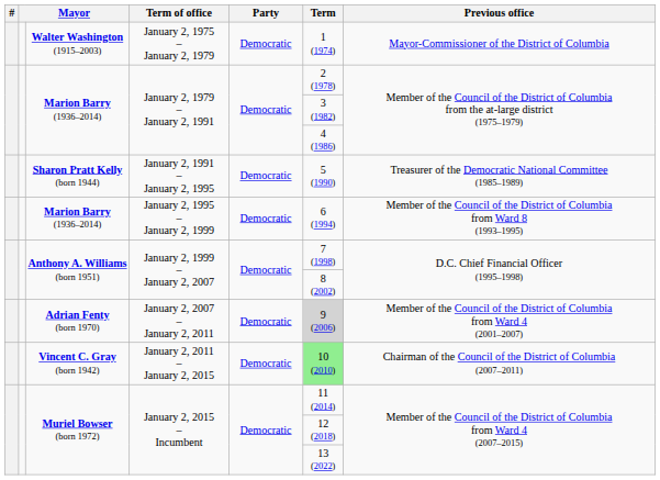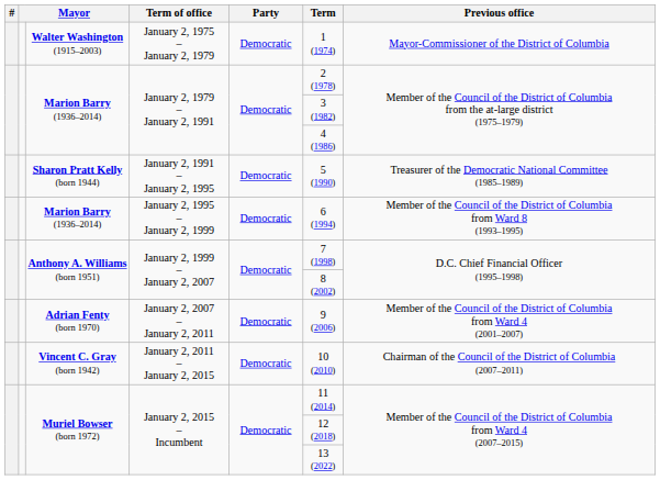 <table class="wikitable" style="text-align: center;">
 <tr>
 <th>#</th>
 <th colspan="2"><a href='#'>Mayor</a></th>
 <th>Term of office</th>
 <th>Party</th>
 <th>Term</th>
 <th>Previous office</th>
 </tr>
 <tr>
 <th style="background: "></th>
 <td></td>
 <td style="width: 16%;"><strong><a href='#'>Walter Washington</a></strong><br><small>(1915–2003)</small></td>
 <td><span>January 2, 1975</span><br>–<br><span>January 2, 1979</span></td>
 <td><a href='#'>Democratic</a></td>
 <td>1<br><small>(<a href='#'>1974</a>)</small></td>
 <td><a href='#'>Mayor-Commissioner of the District of Columbia</a></td>
 </tr>
 <tr>
 <th rowspan=3 style="background: "></th>
 <td rowspan=3></td>
 <td rowspan=3 style="width: 16%;"><strong><a href='#'>Marion Barry</a></strong><br><small>(1936–2014)</small></td>
 <td rowspan=3><span>January 2, 1979</span><br>–<br><span>January 2, 1991</span></td>
 <td rowspan=3><a href='#'>Democratic</a></td>
 <td>2<br><small>(<a href='#'>1978</a>)</small></td>
 <td rowspan=3>Member of the <a href='#'>Council of the District of Columbia</a><br>from the at-large district<br><small>(1975–1979)</small></td>
 </tr>
 <tr>
 <td>3<br><small>(<a href='#'>1982</a>)</small></td>
 </tr>
 <tr>
 <td>4<br><small>(<a href='#'>1986</a>)</small></td>
 </tr>
 <tr>
 <th style="background: "></th>
 <td></td>
 <td style="width: 16%;"><strong><a href='#'>Sharon Pratt Kelly</a></strong><br><small>(born 1944)</small></td>
 <td><span>January 2, 1991</span><br>–<br><span>January 2, 1995</span></td>
 <td><a href='#'>Democratic</a></td>
 <td>5<br><small>(<a href='#'>1990</a>)</small></td>
 <td>Treasurer of the <a href='#'>Democratic National Committee</a><br><small>(1985–1989)</small></td>
 </tr>
 <tr>
 <th style="background: "></th>
 <td></td>
 <td style="width: 16%;"><strong><a href='#'>Marion Barry</a></strong><br><small>(1936–2014)</small></td>
 <td><span>January 2, 1995</span><br>–<br><span>January 2, 1999</span></td>
 <td><a href='#'>Democratic</a></td>
 <td>6<br><small>(<a href='#'>1994</a>)</small></td>
 <td>Member of the <a href='#'>Council of the District of Columbia</a><br>from <a href='#'>Ward 8</a><br><small>(1993–1995)</small></td>
 </tr>
 <tr>
 <th rowspan=2 style="background: "></th>
 <td rowspan=2></td>
 <td rowspan=2 style="width: 16%;"><strong><a href='#'>Anthony A. Williams</a></strong><br><small>(born 1951)</small></td>
 <td rowspan=2><span>January 2, 1999</span><br>–<br><span>January 2, 2007</span></td>
 <td rowspan=2><a href='#'>Democratic</a></td>
 <td>7<br><small>(<a href='#'>1998</a>)</small></td>
 <td rowspan=2>D.C. Chief Financial Officer<br><small>(1995–1998)</small></td>
 </tr>
 <tr>
 <td>8<br><small>(<a href='#'>2002</a>)</small></td>
 </tr>
 <tr>
 <th style="background: "></th>
 <td></td>
 <td style="width: 16%;"><strong><a href='#'>Adrian Fenty</a></strong><br><small>(born 1970)</small></td>
 <td><span>January 2, 2007</span><br>–<br><span>January 2, 2011</span></td>
 <td><a href='#'>Democratic</a></td>
-<td style="background: lightgrey;">9<br><small>(<a href='#'>2006</a>)</small></td>
+<td>9<br><small>(<a href='#'>2006</a>)</small></td>
 <td>Member of the <a href='#'>Council of the District of Columbia</a><br>from <a href='#'>Ward 4</a><br><small>(2001–2007)</small></td>
 </tr>
 <tr>
 <th style="background: "></th>
 <td></td>
 <td style="width: 16%;"><strong><a href='#'>Vincent C. Gray</a></strong><br><small>(born 1942)</small></td>
 <td><span>January 2, 2011</span><br>–<br><span>January 2, 2015</span></td>
 <td><a href='#'>Democratic</a></td>
-<td style="background: lightgreen;">10<br><small>(<a href='#'>2010</a>)</small></td>
+<td>10<br><small>(<a href='#'>2010</a>)</small></td>
 <td>Chairman of the <a href='#'>Council of the District of Columbia</a><br><small>(2007–2011)</small></td>
 </tr>
 <tr>
 <th rowspan=3 style="background: "></th>
 <td rowspan=3></td>
 <td rowspan=3 style="width: 16%;"><strong><a href='#'>Muriel Bowser</a></strong><br><small>(born 1972)</small></td>
 <td rowspan=3><span>January 2, 2015</span><br>–<br><span>Incumbent</span></td>
 <td rowspan=3><a href='#'>Democratic</a></td>
 <td>11<br><small>(<a href='#'>2014</a>)</small></td>
 <td rowspan=3>Member of the <a href='#'>Council of the District of Columbia</a><br>from <a href='#'>Ward 4</a><br><small>(2007–2015)</small></td>
 </tr>
 <tr>
 <td>12<br><small>(<a href='#'>2018</a>)</small></td>
 </tr>
 <tr>
 <td>13<br><small>(<a href='#'>2022</a>)</small></td>
 </tr>
 </table>
